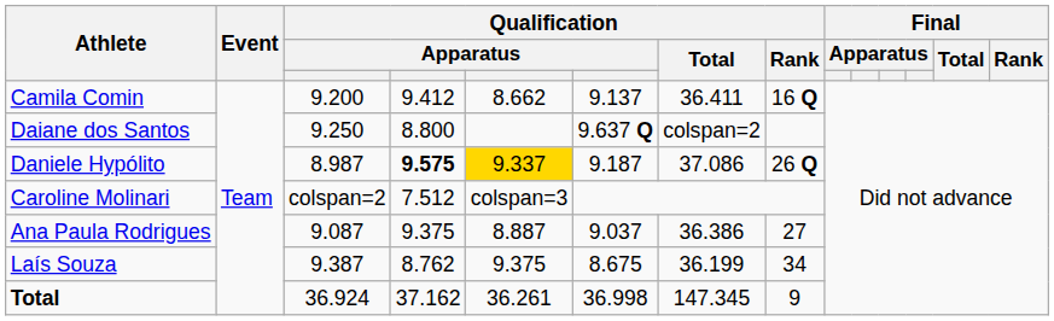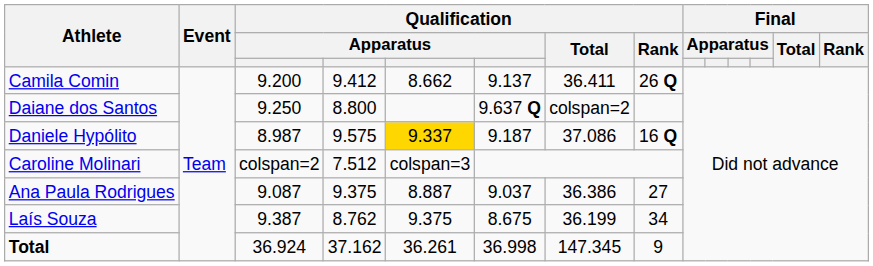 <table class="wikitable" style="font-size:90%">
 <tr>
 <th rowspan="3">Athlete</th>
 <th rowspan="3">Event</th>
 <th colspan=6>Qualification</th>
 <th colspan=6>Final</th>
 </tr>
 <tr style="font-size:95%">
 <th colspan=4>Apparatus</th>
 <th rowspan=2>Total</th>
 <th rowspan=2>Rank</th>
 <th colspan=4>Apparatus</th>
 <th rowspan=2>Total</th>
 <th rowspan=2>Rank</th>
 </tr>
 <tr style="font-size:95%">
 <th></th>
 <th></th>
 <th></th>
 <th></th>
 <th></th>
 <th></th>
 <th></th>
 <th></th>
 </tr>
 <tr align=center>
 <td align=left><a href='#'>Camila Comin</a></td>
 <td align=left rowspan=7><a href='#'>Team</a></td>
 <td>9.200</td>
 <td>9.412</td>
 <td>8.662</td>
 <td>9.137</td>
 <td>36.411</td>
-<td>16 <strong>Q</strong></td>
+<td>26 <strong>Q</strong></td>
 <td rowspan=7 colspan=6>Did not advance</td>
 </tr>
 <tr align=center>
 <td align=left><a href='#'>Daiane dos Santos</a></td>
 <td>9.250</td>
 <td>8.800</td>
 <td></td>
 <td>9.637 <strong>Q</strong></td>
 <td>colspan=2 </td>
 </tr>
 <tr align=center>
 <td align=left><a href='#'>Daniele Hypólito</a></td>
 <td>8.987</td>
-<td><strong>9.575</strong></td>
+<td>9.575</td>
 <td style="background: gold;">9.337</td>
 <td>9.187</td>
 <td>37.086</td>
-<td>26 <strong>Q</strong></td>
+<td>16 <strong>Q</strong></td>
 </tr>
 <tr align=center>
 <td align=left><a href='#'>Caroline Molinari</a></td>
 <td>colspan=2 </td>
 <td>7.512</td>
 <td>colspan=3 </td>
 </tr>
 <tr align=center>
 <td align=left><a href='#'>Ana Paula Rodrigues</a></td>
 <td>9.087</td>
 <td>9.375</td>
 <td>8.887</td>
 <td>9.037</td>
 <td>36.386</td>
 <td>27</td>
 </tr>
 <tr align=center>
 <td align=left><a href='#'>Laís Souza</a></td>
 <td>9.387</td>
 <td>8.762</td>
 <td>9.375</td>
 <td>8.675</td>
 <td>36.199</td>
 <td>34</td>
 </tr>
 <tr align=center>
 <td align=left><strong>Total</strong></td>
 <td>36.924</td>
 <td>37.162</td>
 <td>36.261</td>
 <td>36.998</td>
 <td>147.345</td>
 <td>9</td>
 </tr>
 </table>
